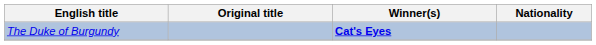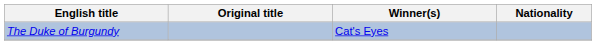 <table class="wikitable" width="95%" cellpadding="5">
 <tr>
 <th width="18%">English title</th>
 <th width="18%">Original title</th>
 <th width="18%">Winner(s)</th>
 <th width="10%">Nationality</th>
 </tr>
 <tr style="background:#B0C4DE;">
 <td><em><a href='#'>The Duke of Burgundy</a></em></td>
 <td></td>
-<td><strong><a href='#'>Cat's Eyes</a></strong></td>
+<td><a href='#'>Cat's Eyes</a></td>
 <td></td>
 </tr>
 <tr>
 </tr>
 </table>
